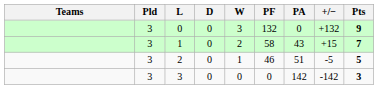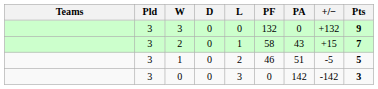 <table class="wikitable" style="text-align: center;">
 <tr>
 <th width="200">Teams</th>
 <th width="40">Pld</th>
+<th width="40">W</th>
+<th width="40">D</th>
 <th width="40">L</th>
-<th width="40">D</th>
-<th width="40">W</th>
 <th width="40">PF</th>
 <th width="40">PA</th>
 <th width="40">+/−</th>
 <th width="40">Pts</th>
 </tr>
 <tr style=background:#cfc>
 <td align=left></td>
 <td>3</td>
+<td>3</td>
 <td>0</td>
 <td>0</td>
-<td>3</td>
 <td>132</td>
 <td>0</td>
 <td>+132</td>
 <td><strong>9</strong></td>
 </tr>
 <tr style=background:#cfc>
 <td align=left></td>
 <td>3</td>
+<td>2</td>
+<td>0</td>
 <td>1</td>
-<td>0</td>
-<td>2</td>
 <td>58</td>
 <td>43</td>
 <td>+15</td>
 <td><strong>7</strong></td>
 </tr>
 <tr>
 <td align=left></td>
 <td>3</td>
+<td>1</td>
+<td>0</td>
 <td>2</td>
-<td>0</td>
-<td>1</td>
 <td>46</td>
 <td>51</td>
 <td>-5</td>
 <td><strong>5</strong></td>
 </tr>
 <tr>
 <td align=left></td>
 <td>3</td>
-<td>3</td>
 <td>0</td>
 <td>0</td>
+<td>3</td>
 <td>0</td>
 <td>142</td>
 <td>-142</td>
 <td><strong>3</strong></td>
 </tr>
 </table>
